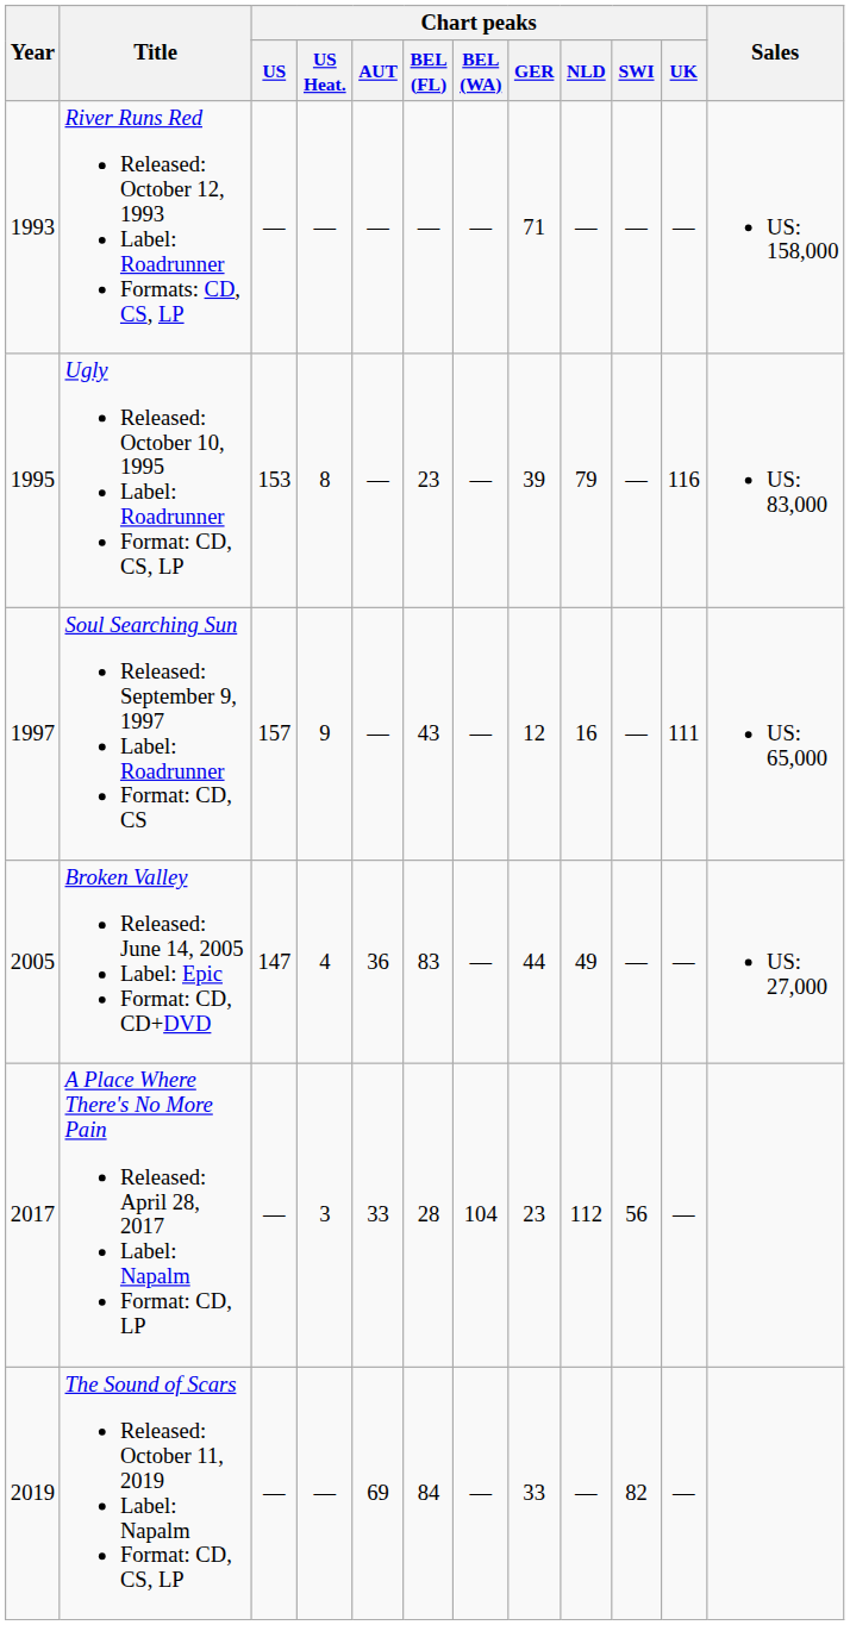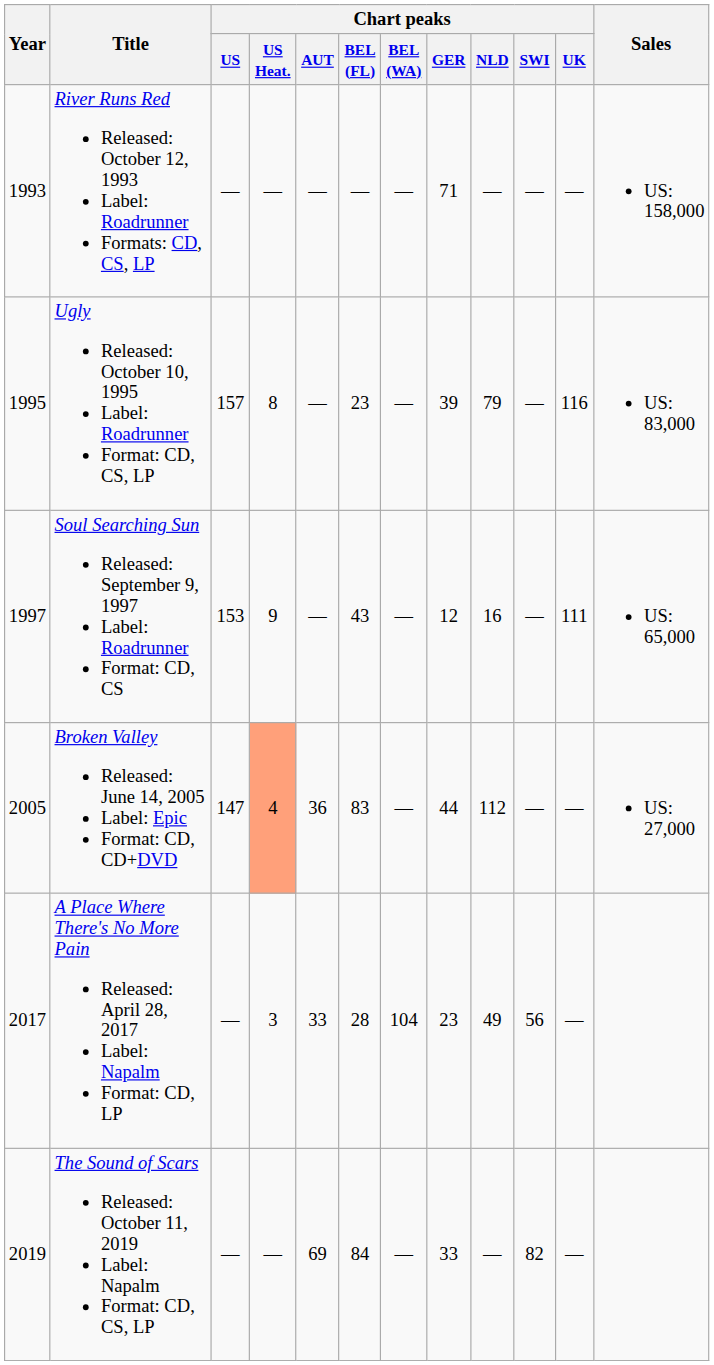 <table class="wikitable">
 <tr>
 <th rowspan="2">Year</th>
 <th rowspan="2" style="width:300px;">Title</th>
 <th colspan="9">Chart peaks</th>
 <th rowspan="2">Sales</th>
 </tr>
 <tr>
 <th style="width:50px;"><small><a href='#'>US</a></small><br></th>
 <th style="width:50px;"><small><a href='#'>US Heat.</a></small><br></th>
 <th style="width:50px;"><small><a href='#'>AUT</a></small><br></th>
 <th style="width:50px;"><small><a href='#'>BEL<br>(FL)</a></small><br></th>
 <th style="width:50px;"><small><a href='#'>BEL<br>(WA)</a></small><br></th>
 <th style="width:50px;"><small><a href='#'>GER</a></small><br></th>
 <th style="width:50px;"><small><a href='#'>NLD</a></small><br></th>
 <th style="width:50px;"><small><a href='#'>SWI</a></small><br></th>
 <th style="width:50px;"><small><a href='#'>UK</a></small><br></th>
 </tr>
 <tr>
 <td>1993</td>
 <td><em><a href='#'>River Runs Red</a></em><br><ul><li>Released: October 12, 1993</li><li>Label: <a href='#'>Roadrunner</a></li><li>Formats: <a href='#'>CD</a>, <a href='#'>CS</a>, <a href='#'>LP</a></li></ul></td>
 <td style="text-align:center;">—</td>
 <td style="text-align:center;">—</td>
 <td style="text-align:center;">—</td>
 <td style="text-align:center;">—</td>
 <td style="text-align:center;">—</td>
 <td style="text-align:center;">71</td>
 <td style="text-align:center;">—</td>
 <td style="text-align:center;">—</td>
 <td style="text-align:center;">—</td>
 <td><br><ul><li>US: 158,000</li></ul></td>
 </tr>
 <tr>
 <td>1995</td>
 <td><em><a href='#'>Ugly</a></em><br><ul><li>Released: October 10, 1995</li><li>Label: <a href='#'>Roadrunner</a></li><li>Format: CD, CS, LP</li></ul></td>
-<td style="text-align:center;">153</td>
+<td style="text-align:center;">157</td>
 <td style="text-align:center;">8</td>
 <td style="text-align:center;">—</td>
 <td style="text-align:center;">23</td>
 <td style="text-align:center;">—</td>
 <td style="text-align:center;">39</td>
 <td style="text-align:center;">79</td>
 <td style="text-align:center;">—</td>
 <td style="text-align:center;">116</td>
 <td><br><ul><li>US: 83,000</li></ul></td>
 </tr>
 <tr>
 <td>1997</td>
 <td><em><a href='#'>Soul Searching Sun</a></em><br><ul><li>Released: September 9, 1997</li><li>Label: <a href='#'>Roadrunner</a></li><li>Format: CD, CS</li></ul></td>
-<td style="text-align:center;">157</td>
+<td style="text-align:center;">153</td>
 <td style="text-align:center;">9</td>
 <td style="text-align:center;">—</td>
 <td style="text-align:center;">43</td>
 <td style="text-align:center;">—</td>
 <td style="text-align:center;">12</td>
 <td style="text-align:center;">16</td>
 <td style="text-align:center;">—</td>
 <td style="text-align:center;">111</td>
 <td><br><ul><li>US: 65,000</li></ul></td>
 </tr>
 <tr>
 <td>2005</td>
 <td><em><a href='#'>Broken Valley</a></em><br><ul><li>Released: June 14, 2005</li><li>Label: <a href='#'>Epic</a></li><li>Format: CD, CD+<a href='#'>DVD</a></li></ul></td>
 <td style="text-align:center;">147</td>
-<td style="text-align:center;">4</td>
+<td style="background: lightsalmon; text-align:center;">4</td>
 <td style="text-align:center;">36</td>
 <td style="text-align:center;">83</td>
 <td style="text-align:center;">—</td>
 <td style="text-align:center;">44</td>
-<td style="text-align:center;">49</td>
+<td style="text-align:center;">112</td>
 <td style="text-align:center;">—</td>
 <td style="text-align:center;">—</td>
 <td><br><ul><li>US: 27,000</li></ul></td>
 </tr>
 <tr>
 <td>2017</td>
 <td><em><a href='#'>A Place Where There's No More Pain</a></em><br><ul><li>Released: April 28, 2017</li><li>Label: <a href='#'>Napalm</a></li><li>Format: CD, LP</li></ul></td>
 <td style="text-align:center;">—</td>
 <td style="text-align:center;">3</td>
 <td style="text-align:center;">33</td>
 <td style="text-align:center;">28</td>
 <td style="text-align:center;">104</td>
 <td style="text-align:center;">23</td>
-<td style="text-align:center;">112</td>
+<td style="text-align:center;">49</td>
 <td style="text-align:center;">56</td>
 <td style="text-align:center;">—</td>
 <td></td>
 </tr>
 <tr>
 <td>2019</td>
 <td><em><a href='#'>The Sound of Scars</a></em><br><ul><li>Released: October 11, 2019</li><li>Label: Napalm</li><li>Format: CD, CS, LP</li></ul></td>
 <td style="text-align:center;">—</td>
 <td style="text-align:center;">—</td>
 <td style="text-align:center;">69</td>
 <td style="text-align:center;">84</td>
 <td style="text-align:center;">—</td>
 <td style="text-align:center;">33</td>
 <td style="text-align:center;">—</td>
 <td style="text-align:center;">82</td>
 <td style="text-align:center;">—</td>
 <td></td>
 </tr>
 </table>
